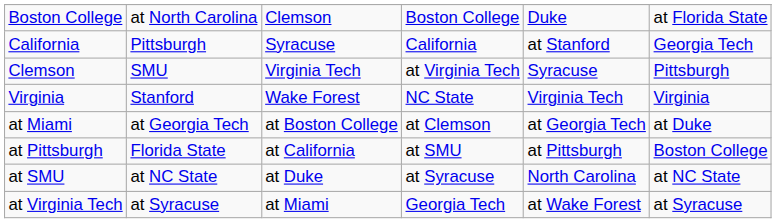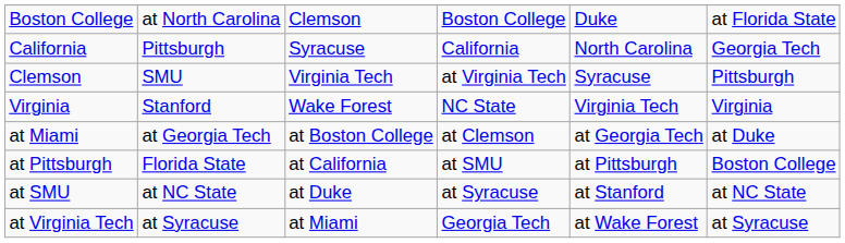 <table class="wikitable">
 <tr>
 </tr>
 <tr>
 <td><a href='#'>Boston College</a></td>
 <td>at <a href='#'>North Carolina</a></td>
 <td><a href='#'>Clemson</a></td>
 <td><a href='#'>Boston College</a></td>
 <td><a href='#'>Duke</a></td>
 <td>at <a href='#'>Florida State</a></td>
 </tr>
 <tr>
 <td><a href='#'>California</a></td>
 <td><a href='#'>Pittsburgh</a></td>
 <td><a href='#'>Syracuse</a></td>
 <td><a href='#'>California</a></td>
-<td>at <a href='#'>Stanford</a></td>
+<td><a href='#'>North Carolina</a></td>
 <td><a href='#'>Georgia Tech</a></td>
 </tr>
 <tr>
 <td><a href='#'>Clemson</a></td>
 <td><a href='#'>SMU</a></td>
 <td><a href='#'>Virginia Tech</a></td>
 <td>at <a href='#'>Virginia Tech</a></td>
 <td><a href='#'>Syracuse</a></td>
 <td><a href='#'>Pittsburgh</a></td>
 </tr>
 <tr>
 <td><a href='#'>Virginia</a></td>
 <td><a href='#'>Stanford</a></td>
 <td><a href='#'>Wake Forest</a></td>
 <td><a href='#'>NC State</a></td>
 <td><a href='#'>Virginia Tech</a></td>
 <td><a href='#'>Virginia</a></td>
 </tr>
 <tr>
 <td>at <a href='#'>Miami</a></td>
 <td>at <a href='#'>Georgia Tech</a></td>
 <td>at <a href='#'>Boston College</a></td>
 <td>at <a href='#'>Clemson</a></td>
 <td>at <a href='#'>Georgia Tech</a></td>
 <td>at <a href='#'>Duke</a></td>
 </tr>
 <tr>
 <td>at <a href='#'>Pittsburgh</a></td>
 <td><a href='#'>Florida State</a></td>
 <td>at <a href='#'>California</a></td>
 <td>at <a href='#'>SMU</a></td>
 <td>at <a href='#'>Pittsburgh</a></td>
 <td><a href='#'>Boston College</a></td>
 </tr>
 <tr>
 <td>at <a href='#'>SMU</a></td>
 <td>at <a href='#'>NC State</a></td>
 <td>at <a href='#'>Duke</a></td>
 <td>at <a href='#'>Syracuse</a></td>
-<td><a href='#'>North Carolina</a></td>
+<td>at <a href='#'>Stanford</a></td>
 <td>at <a href='#'>NC State</a></td>
 </tr>
 <tr>
 <td>at <a href='#'>Virginia Tech</a></td>
 <td>at <a href='#'>Syracuse</a></td>
 <td>at <a href='#'>Miami</a></td>
 <td><a href='#'>Georgia Tech</a></td>
 <td>at <a href='#'>Wake Forest</a></td>
 <td>at <a href='#'>Syracuse</a></td>
 </tr>
 </table>
